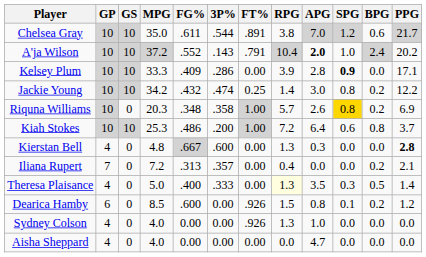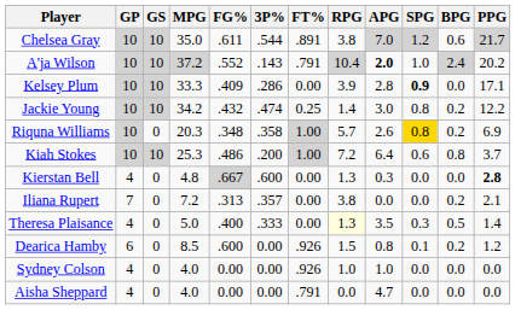 <table class="wikitable sortable" style="text-align:center">
 <tr>
 <th>Player</th>
 <th>GP</th>
 <th>GS</th>
 <th>MPG</th>
 <th>FG%</th>
 <th>3P%</th>
 <th>FT%</th>
 <th>RPG</th>
 <th>APG</th>
 <th>SPG</th>
 <th>BPG</th>
 <th>PPG</th>
 </tr>
 <tr>
 <td><a href='#'>Chelsea Gray</a></td>
 <td style="background:#D3D3D3;">10</td>
 <td style="background:#D3D3D3;">10</td>
 <td>35.0</td>
 <td>.611</td>
 <td>.544</td>
 <td>.891</td>
 <td>3.8</td>
 <td style="background:#D3D3D3;">7.0</td>
 <td style="background:#D3D3D3;">1.2</td>
 <td>0.6</td>
 <td style="background:#D3D3D3;">21.7</td>
 </tr>
 <tr>
 <td><a href='#'>A'ja Wilson</a></td>
 <td style="background:#D3D3D3;">10</td>
 <td style="background:#D3D3D3;">10</td>
 <td style="background:#D3D3D3;">37.2</td>
 <td>.552</td>
 <td>.143</td>
 <td>.791</td>
 <td style="background:#D3D3D3;">10.4</td>
 <td><strong>2.0</strong></td>
 <td>1.0</td>
 <td style="background:#D3D3D3;">2.4</td>
 <td>20.2</td>
 </tr>
 <tr>
 <td><a href='#'>Kelsey Plum</a></td>
 <td style="background:#D3D3D3;">10</td>
 <td style="background:#D3D3D3;">10</td>
 <td>33.3</td>
 <td>.409</td>
 <td>.286</td>
 <td>0.00</td>
 <td>3.9</td>
 <td>2.8</td>
 <td><strong>0.9</strong></td>
 <td>0.0</td>
 <td>17.1</td>
 </tr>
 <tr>
 <td><a href='#'>Jackie Young</a></td>
 <td style="background:#D3D3D3;">10</td>
 <td style="background:#D3D3D3;">10</td>
 <td>34.2</td>
 <td>.432</td>
 <td>.474</td>
 <td>0.25</td>
 <td>1.4</td>
 <td>3.0</td>
 <td>0.8</td>
 <td>0.2</td>
 <td>12.2</td>
 </tr>
 <tr>
 <td><a href='#'>Riquna Williams</a></td>
 <td style="background:#D3D3D3;">10</td>
 <td>0</td>
 <td>20.3</td>
 <td>.348</td>
 <td>.358</td>
 <td style="background:#D3D3D3;">1.00</td>
 <td>5.7</td>
 <td>2.6</td>
 <td style="background: gold;">0.8</td>
 <td>0.2</td>
 <td>6.9</td>
 </tr>
 <tr>
 <td><a href='#'>Kiah Stokes</a></td>
 <td style="background:#D3D3D3;">10</td>
 <td style="background:#D3D3D3;">10</td>
 <td>25.3</td>
 <td>.486</td>
 <td>.200</td>
 <td style="background:#D3D3D3;">1.00</td>
 <td>7.2</td>
 <td>6.4</td>
 <td>0.6</td>
 <td>0.8</td>
 <td>3.7</td>
 </tr>
 <tr>
 <td><a href='#'>Kierstan Bell</a></td>
 <td>4</td>
 <td>0</td>
 <td>4.8</td>
 <td style="background:#D3D3D3;">.667</td>
 <td>.600</td>
 <td>0.00</td>
 <td>1.3</td>
 <td>0.3</td>
 <td>0.0</td>
 <td>0.0</td>
 <td><strong>2.8</strong></td>
 </tr>
 <tr>
 <td><a href='#'>Iliana Rupert</a></td>
 <td>7</td>
 <td>0</td>
 <td>7.2</td>
 <td>.313</td>
 <td>.357</td>
 <td>0.00</td>
-<td>0.4</td>
+<td>3.8</td>
 <td>0.0</td>
 <td>0.0</td>
 <td>0.2</td>
 <td>2.1</td>
 </tr>
 <tr>
 <td><a href='#'>Theresa Plaisance</a></td>
 <td>4</td>
 <td>0</td>
 <td>5.0</td>
 <td>.400</td>
 <td>.333</td>
 <td>0.00</td>
 <td style="background: lightyellow;">1.3</td>
 <td>3.5</td>
 <td>0.3</td>
 <td>0.5</td>
 <td>1.4</td>
 </tr>
 <tr>
 <td><a href='#'>Dearica Hamby</a></td>
 <td>6</td>
 <td>0</td>
 <td>8.5</td>
 <td>.600</td>
 <td>0.00</td>
 <td>.926</td>
 <td>1.5</td>
 <td>0.8</td>
 <td>0.1</td>
 <td>0.2</td>
 <td>1.2</td>
 </tr>
 <tr>
 <td><a href='#'>Sydney Colson</a></td>
 <td>4</td>
 <td>0</td>
 <td>4.0</td>
 <td>0.00</td>
 <td>0.00</td>
 <td>.926</td>
-<td>1.3</td>
+<td>1.0</td>
 <td>1.0</td>
 <td>0.0</td>
 <td>0.0</td>
 <td>0.0</td>
 </tr>
 <tr>
 <td><a href='#'>Aisha Sheppard</a></td>
 <td>4</td>
 <td>0</td>
 <td>4.0</td>
 <td>0.00</td>
 <td>0.00</td>
-<td>0.00</td>
+<td>.791</td>
 <td>0.0</td>
 <td>4.7</td>
 <td>0.0</td>
 <td>0.0</td>
 <td>0.0</td>
 </tr>
 </table>
